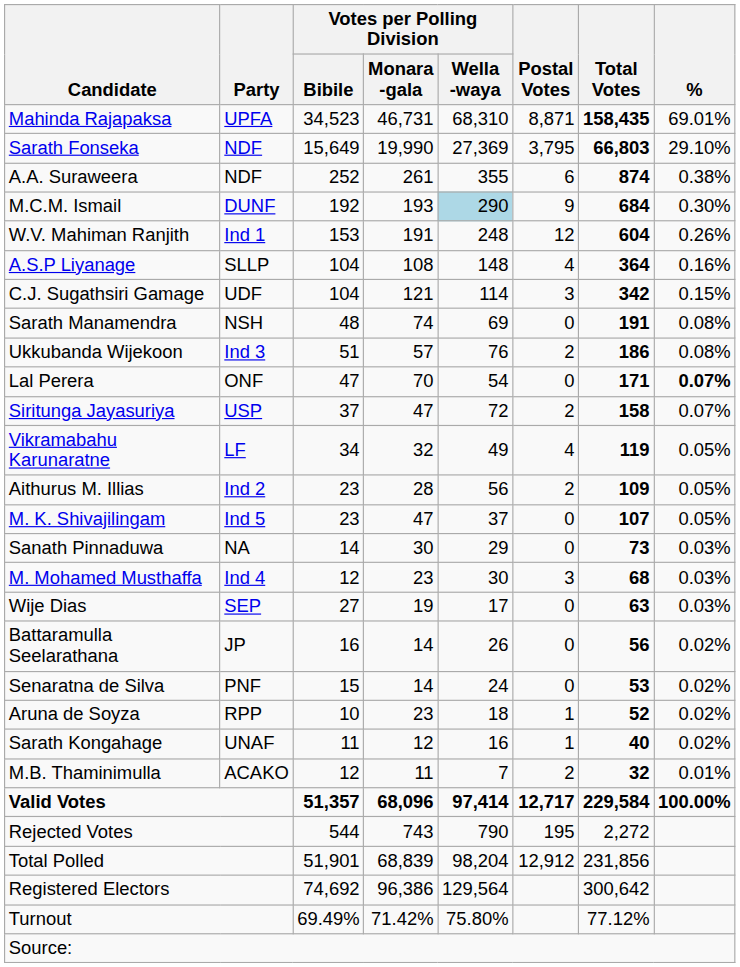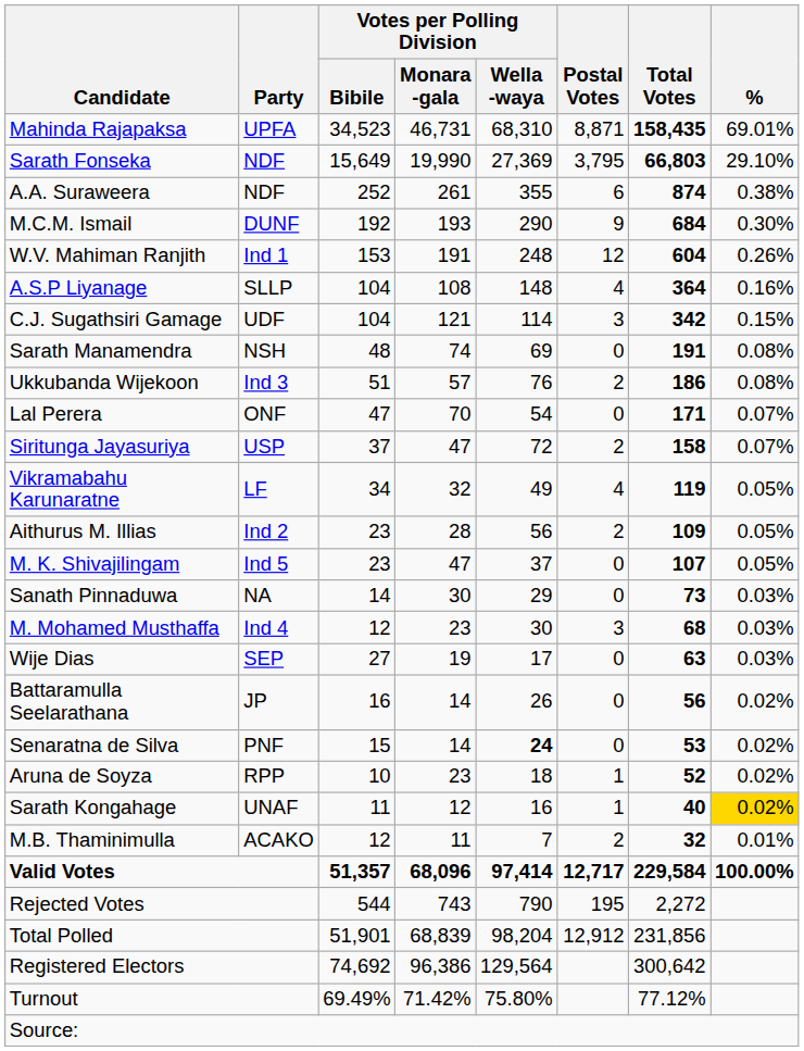 <table class="wikitable" border="1" style="text-align:right;">
 <tr>
 <th align=left valign=bottom rowspan=2 width="180">Candidate</th>
 <th align=left valign=bottom rowspan=2 width="40">Party</th>
 <th colspan=3>Votes per Polling Division</th>
 <th align=center valign=bottom rowspan=2 width="50">Postal<br>Votes</th>
 <th align=center valign=bottom rowspan=2 width="50">Total Votes</th>
 <th align=center valign=bottom rowspan=2 width="50">%</th>
 </tr>
 <tr>
 <th align=center valign=bottom width="50">Bibile</th>
 <th align=center valign=bottom width="50">Monara<br>-gala</th>
 <th align=center valign=bottom width="50">Wella<br>-waya</th>
 </tr>
 <tr>
 <td align=left><a href='#'>Mahinda Rajapaksa</a></td>
 <td align=left><a href='#'>UPFA</a></td>
 <td>34,523</td>
 <td>46,731</td>
 <td>68,310</td>
 <td>8,871</td>
 <td><strong>158,435</strong></td>
 <td>69.01%</td>
 </tr>
 <tr>
 <td align=left><a href='#'>Sarath Fonseka</a></td>
 <td align=left><a href='#'>NDF</a></td>
 <td>15,649</td>
 <td>19,990</td>
 <td>27,369</td>
 <td>3,795</td>
 <td><strong>66,803</strong></td>
 <td>29.10%</td>
 </tr>
 <tr>
 <td align=left>A.A. Suraweera</td>
 <td align=left>NDF</td>
 <td>252</td>
 <td>261</td>
 <td>355</td>
 <td>6</td>
 <td><strong>874</strong></td>
 <td>0.38%</td>
 </tr>
 <tr>
 <td align=left>M.C.M. Ismail</td>
 <td align=left><a href='#'>DUNF</a></td>
 <td>192</td>
 <td>193</td>
-<td style="background: lightblue;">290</td>
+<td>290</td>
 <td>9</td>
 <td><strong>684</strong></td>
 <td>0.30%</td>
 </tr>
 <tr>
 <td align=left>W.V. Mahiman Ranjith</td>
 <td align=left><a href='#'>Ind 1</a></td>
 <td>153</td>
 <td>191</td>
 <td>248</td>
 <td>12</td>
 <td><strong>604</strong></td>
 <td>0.26%</td>
 </tr>
 <tr>
 <td align=left><a href='#'>A.S.P Liyanage</a></td>
 <td align=left>SLLP</td>
 <td>104</td>
 <td>108</td>
 <td>148</td>
 <td>4</td>
 <td><strong>364</strong></td>
 <td>0.16%</td>
 </tr>
 <tr>
 <td align=left>C.J. Sugathsiri Gamage</td>
 <td align=left>UDF</td>
 <td>104</td>
 <td>121</td>
 <td>114</td>
 <td>3</td>
 <td><strong>342</strong></td>
 <td>0.15%</td>
 </tr>
 <tr>
 <td align=left>Sarath Manamendra</td>
 <td align=left>NSH</td>
 <td>48</td>
 <td>74</td>
 <td>69</td>
 <td>0</td>
 <td><strong>191</strong></td>
 <td>0.08%</td>
 </tr>
 <tr>
 <td align=left>Ukkubanda Wijekoon</td>
 <td align=left><a href='#'>Ind 3</a></td>
 <td>51</td>
 <td>57</td>
 <td>76</td>
 <td>2</td>
 <td><strong>186</strong></td>
 <td>0.08%</td>
 </tr>
 <tr>
 <td align=left>Lal Perera</td>
 <td align=left>ONF</td>
 <td>47</td>
 <td>70</td>
 <td>54</td>
 <td>0</td>
 <td><strong>171</strong></td>
-<td><strong>0.07%</strong></td>
+<td>0.07%</td>
 </tr>
 <tr>
 <td align=left><a href='#'>Siritunga Jayasuriya</a></td>
 <td align=left><a href='#'>USP</a></td>
 <td>37</td>
 <td>47</td>
 <td>72</td>
 <td>2</td>
 <td><strong>158</strong></td>
 <td>0.07%</td>
 </tr>
 <tr>
 <td align=left><a href='#'>Vikramabahu Karunaratne</a></td>
 <td align=left><a href='#'>LF</a></td>
 <td>34</td>
 <td>32</td>
 <td>49</td>
 <td>4</td>
 <td><strong>119</strong></td>
 <td>0.05%</td>
 </tr>
 <tr>
 <td align=left>Aithurus M. Illias</td>
 <td align=left><a href='#'>Ind 2</a></td>
 <td>23</td>
 <td>28</td>
 <td>56</td>
 <td>2</td>
 <td><strong>109</strong></td>
 <td>0.05%</td>
 </tr>
 <tr>
 <td align=left><a href='#'>M. K. Shivajilingam</a></td>
 <td align=left><a href='#'>Ind 5</a></td>
 <td>23</td>
 <td>47</td>
 <td>37</td>
 <td>0</td>
 <td><strong>107</strong></td>
 <td>0.05%</td>
 </tr>
 <tr>
 <td align=left>Sanath Pinnaduwa</td>
 <td align=left>NA</td>
 <td>14</td>
 <td>30</td>
 <td>29</td>
 <td>0</td>
 <td><strong>73</strong></td>
 <td>0.03%</td>
 </tr>
 <tr>
 <td align=left><a href='#'>M. Mohamed Musthaffa</a></td>
 <td align=left><a href='#'>Ind 4</a></td>
 <td>12</td>
 <td>23</td>
 <td>30</td>
 <td>3</td>
 <td><strong>68</strong></td>
 <td>0.03%</td>
 </tr>
 <tr>
 <td align=left>Wije Dias</td>
 <td align=left><a href='#'>SEP</a></td>
 <td>27</td>
 <td>19</td>
 <td>17</td>
 <td>0</td>
 <td><strong>63</strong></td>
 <td>0.03%</td>
 </tr>
 <tr>
 <td align=left>Battaramulla Seelarathana</td>
 <td align=left>JP</td>
 <td>16</td>
 <td>14</td>
 <td>26</td>
 <td>0</td>
 <td><strong>56</strong></td>
 <td>0.02%</td>
 </tr>
 <tr>
 <td align=left>Senaratna de Silva</td>
 <td align=left>PNF</td>
 <td>15</td>
 <td>14</td>
-<td>24</td>
+<td><strong>24</strong></td>
 <td>0</td>
 <td><strong>53</strong></td>
 <td>0.02%</td>
 </tr>
 <tr>
 <td align=left>Aruna de Soyza</td>
 <td align=left>RPP</td>
 <td>10</td>
 <td>23</td>
 <td>18</td>
 <td>1</td>
 <td><strong>52</strong></td>
 <td>0.02%</td>
 </tr>
 <tr>
 <td align=left>Sarath Kongahage</td>
 <td align=left>UNAF</td>
 <td>11</td>
 <td>12</td>
 <td>16</td>
 <td>1</td>
 <td><strong>40</strong></td>
-<td>0.02%</td>
+<td style="background: gold;">0.02%</td>
 </tr>
 <tr>
 <td align=left>M.B. Thaminimulla</td>
 <td align=left>ACAKO</td>
 <td>12</td>
 <td>11</td>
 <td>7</td>
 <td>2</td>
 <td><strong>32</strong></td>
 <td>0.01%</td>
 </tr>
 <tr>
 <td align=left colspan=2><strong>Valid Votes</strong></td>
 <td><strong>51,357</strong></td>
 <td><strong>68,096</strong></td>
 <td><strong>97,414</strong></td>
 <td><strong>12,717</strong></td>
 <td><strong>229,584</strong></td>
 <td><strong>100.00%</strong></td>
 </tr>
 <tr>
 <td align=left colspan=2>Rejected Votes</td>
 <td>544</td>
 <td>743</td>
 <td>790</td>
 <td>195</td>
 <td>2,272</td>
 <td></td>
 </tr>
 <tr>
 <td align=left colspan=2>Total Polled</td>
 <td>51,901</td>
 <td>68,839</td>
 <td>98,204</td>
 <td>12,912</td>
 <td>231,856</td>
 <td></td>
 </tr>
 <tr>
 <td align=left colspan=2>Registered Electors</td>
 <td>74,692</td>
 <td>96,386</td>
 <td>129,564</td>
 <td></td>
 <td>300,642</td>
 <td></td>
 </tr>
 <tr>
 <td align=left colspan=2>Turnout</td>
 <td>69.49%</td>
 <td>71.42%</td>
 <td>75.80%</td>
 <td></td>
 <td>77.12%</td>
 <td></td>
 </tr>
 <tr>
 <td align=left colspan=8>Source:</td>
 </tr>
 </table>
